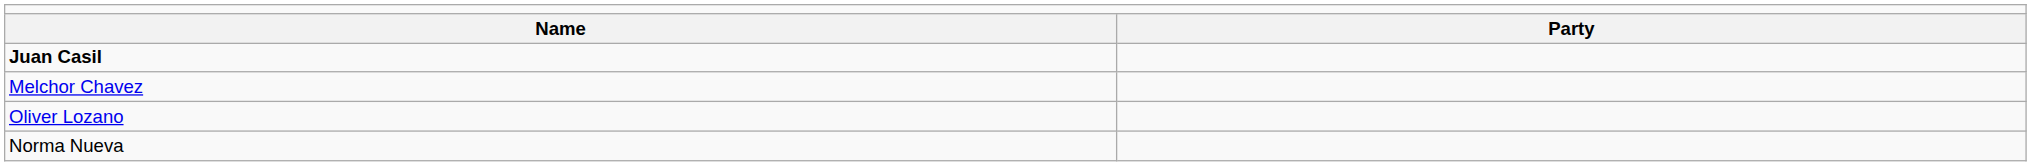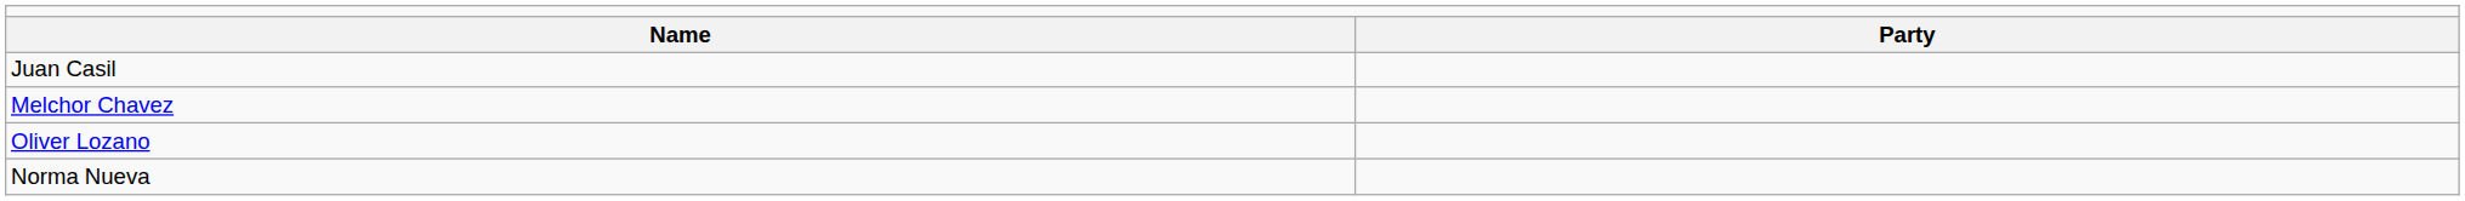 <table class=wikitable style="font-size:90%" width=99%>
 <tr>
 <td colspan=4 bgcolor=></td>
 </tr>
 <tr>
 <th width=55%>Name</th>
 <th colspan=2>Party</th>
 </tr>
 <tr>
-<td><strong>Juan Casil</strong></td>
+<td>Juan Casil</td>
 <td></td>
 </tr>
 <tr>
 <td><a href='#'>Melchor Chavez</a></td>
 <td></td>
 </tr>
 <tr>
 <td><a href='#'>Oliver Lozano</a></td>
 <td></td>
 </tr>
 <tr>
 <td>Norma Nueva</td>
 <td></td>
 </tr>
 </table>
